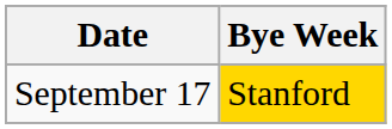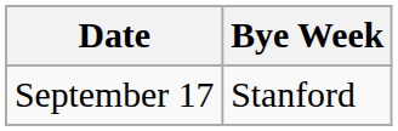 <table class="wikitable" style="font-size:95%;">
 <tr>
 <th>Date</th>
 <th colspan="1">Bye Week</th>
 </tr>
 <tr>
 <td>September 17</td>
-<td style="background: gold;">Stanford</td>
+<td>Stanford</td>
 </tr>
 </table>
